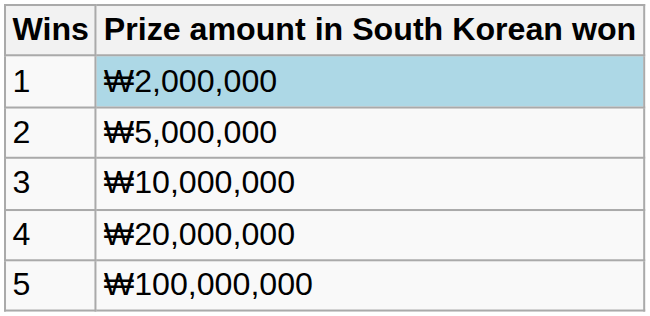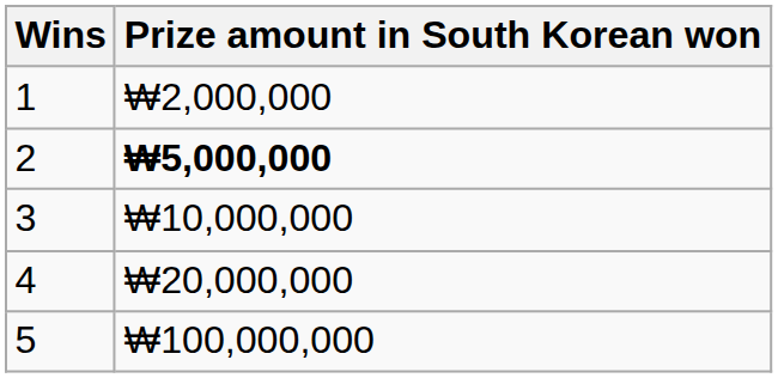 <table class="wikitable">
 <tr>
 <th>Wins</th>
 <th>Prize amount in South Korean won</th>
 </tr>
 <tr>
 <td>1</td>
-<td style="background: lightblue;">₩2,000,000</td>
+<td>₩2,000,000</td>
 </tr>
 <tr>
 <td>2</td>
-<td>₩5,000,000</td>
+<td><strong>₩5,000,000</strong></td>
 </tr>
 <tr>
 <td>3</td>
 <td>₩10,000,000</td>
 </tr>
 <tr>
 <td>4</td>
 <td>₩20,000,000</td>
 </tr>
 <tr>
 <td>5</td>
 <td>₩100,000,000</td>
 </tr>
 </table>
